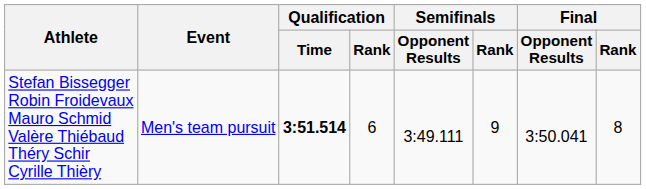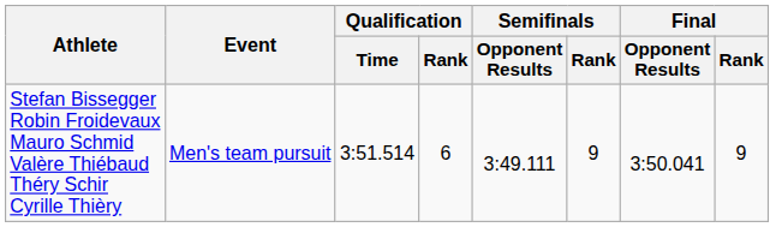 <table class="wikitable" style="font-size:90%">
 <tr>
 <th rowspan=2>Athlete</th>
 <th rowspan=2>Event</th>
 <th colspan=2>Qualification</th>
 <th colspan=2>Semifinals</th>
 <th colspan=2>Final</th>
 </tr>
 <tr style="font-size:95%">
 <th>Time</th>
 <th>Rank</th>
 <th>Opponent<br>Results</th>
 <th>Rank</th>
 <th>Opponent<br>Results</th>
 <th>Rank</th>
 </tr>
 <tr align=center>
 <td align=left><a href='#'>Stefan Bissegger</a><br><a href='#'>Robin Froidevaux</a><br><a href='#'>Mauro Schmid</a><br><a href='#'>Valère Thiébaud</a><br><a href='#'>Théry Schir</a><br><a href='#'>Cyrille Thièry</a></td>
 <td align=left><a href='#'>Men's team pursuit</a></td>
-<td><strong>3:51.514</strong></td>
+<td>3:51.514</td>
 <td>6</td>
 <td><br>3:49.111</td>
 <td>9</td>
 <td><br>3:50.041</td>
-<td>8</td>
+<td>9</td>
 </tr>
 </table>
